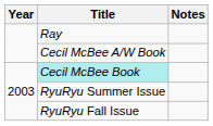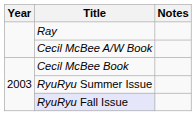 <table class="wikitable">
 <tr>
 <th>Year</th>
 <th>Title</th>
 <th>Notes</th>
 </tr>
 <tr>
 <td rowspan="2"></td>
 <td><em>Ray</em></td>
 <td></td>
 </tr>
 <tr>
 <td><em>Cecil McBee A/W Book</em></td>
 <td></td>
 </tr>
 <tr>
 <td rowspan="3">2003</td>
-<td style="background: paleturquoise;"><em>Cecil McBee Book</em></td>
+<td><em>Cecil McBee Book</em></td>
 <td></td>
 </tr>
 <tr>
 <td><em>RyuRyu</em> Summer Issue</td>
 <td></td>
 </tr>
 <tr>
-<td><em>RyuRyu</em> Fall Issue</td>
+<td style="background: lavender;"><em>RyuRyu</em> Fall Issue</td>
 <td></td>
 </tr>
 </table>
